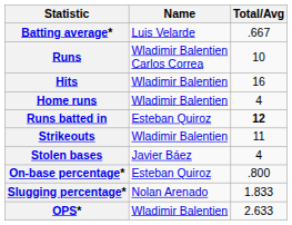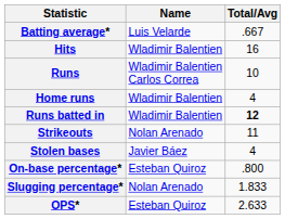 <table class="wikitable plainrowheaders">
 <tr>
 <th scope="col">Statistic</th>
 <th scope="col">Name</th>
 <th scope="col">Total/Avg</th>
 </tr>
 <tr>
 <th scope="row"><a href='#'>Batting average</a>*</th>
 <td> <a href='#'>Luis Velarde</a></td>
 <td align=center>.667</td>
 </tr>
 <tr>
+<th scope="row"><a href='#'>Hits</a></th>
+<td> <a href='#'>Wladimir Balentien</a></td>
+<td align=center>16</td>
+</tr>
+<tr>
 <th scope="row"><a href='#'>Runs</a></th>
 <td> <a href='#'>Wladimir Balentien</a><br> <a href='#'>Carlos Correa</a></td>
 <td align=center>10</td>
-</tr>
-<tr>
-<th scope="row"><a href='#'>Hits</a></th>
-<td> <a href='#'>Wladimir Balentien</a></td>
-<td align=center>16</td>
 </tr>
 <tr>
 <th scope="row"><a href='#'>Home runs</a></th>
 <td> <a href='#'>Wladimir Balentien</a></td>
 <td align=center>4</td>
 </tr>
 <tr>
 <th scope="row"><a href='#'>Runs batted in</a></th>
-<td> <a href='#'>Esteban Quiroz</a></td>
+<td> <a href='#'>Wladimir Balentien</a></td>
 <td align=center><strong>12</strong></td>
 </tr>
 <tr>
 <th scope="row"><a href='#'>Strikeouts</a></th>
-<td> <a href='#'>Wladimir Balentien</a></td>
+<td> <a href='#'>Nolan Arenado</a></td>
 <td align=center>11</td>
 </tr>
 <tr>
 <th scope="row"><a href='#'>Stolen bases</a></th>
 <td> <a href='#'>Javier Báez</a></td>
 <td align=center>4</td>
 </tr>
 <tr>
 <th scope="row"><a href='#'>On-base percentage</a>*</th>
 <td> <a href='#'>Esteban Quiroz</a></td>
 <td align=center>.800</td>
 </tr>
 <tr>
 <th scope="row"><a href='#'>Slugging percentage</a>*</th>
 <td> <a href='#'>Nolan Arenado</a></td>
 <td align=center>1.833</td>
 </tr>
 <tr>
 <th scope="row"><a href='#'>OPS</a>*</th>
-<td> <a href='#'>Wladimir Balentien</a></td>
+<td> <a href='#'>Esteban Quiroz</a></td>
 <td align=center>2.633</td>
 </tr>
 </table>
